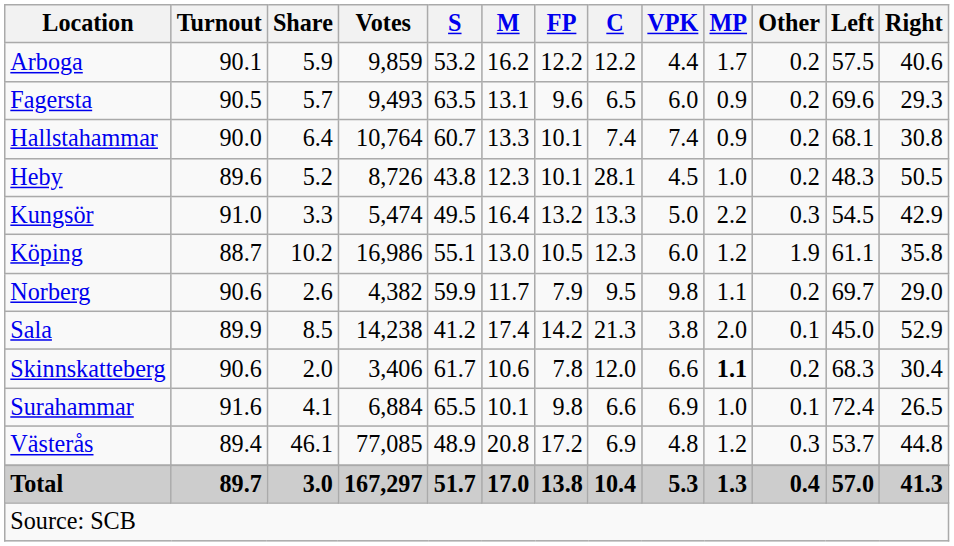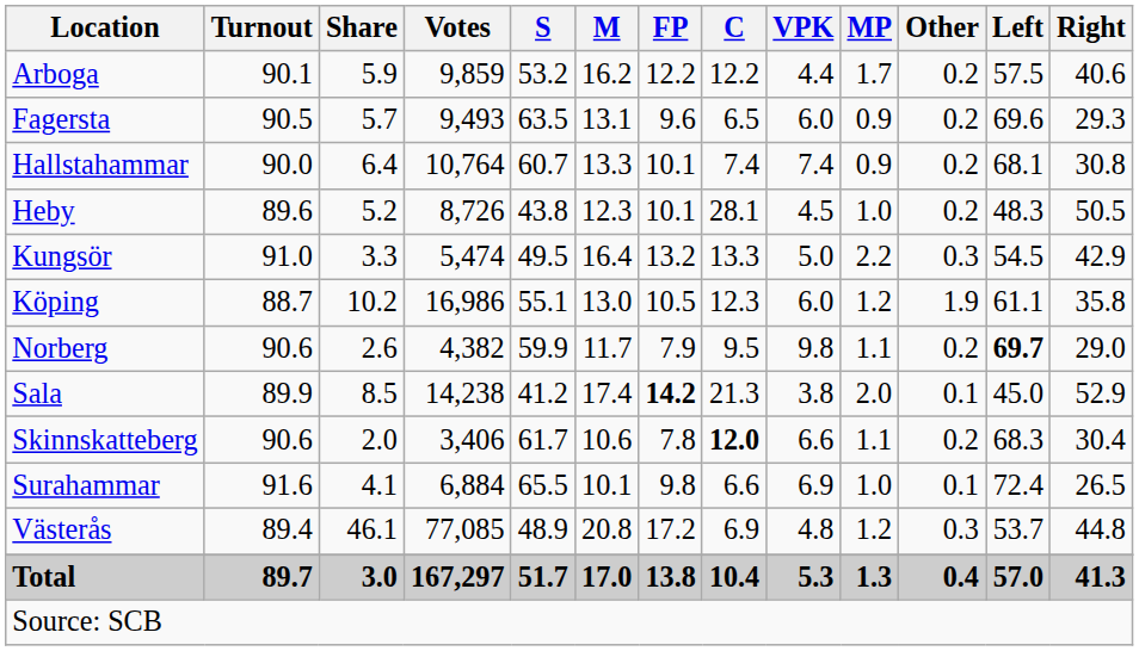 <table class="wikitable sortable" style=text-align:right>
 <tr>
 <th>Location</th>
 <th>Turnout</th>
 <th>Share</th>
 <th>Votes</th>
 <th><a href='#'>S</a></th>
 <th><a href='#'>M</a></th>
 <th><a href='#'>FP</a></th>
 <th><a href='#'>C</a></th>
 <th><a href='#'>VPK</a></th>
 <th><a href='#'>MP</a></th>
 <th>Other</th>
 <th>Left</th>
 <th>Right</th>
 </tr>
 <tr>
 <td align=left><a href='#'>Arboga</a></td>
 <td>90.1</td>
 <td>5.9</td>
 <td>9,859</td>
 <td>53.2</td>
 <td>16.2</td>
 <td>12.2</td>
 <td>12.2</td>
 <td>4.4</td>
 <td>1.7</td>
 <td>0.2</td>
 <td>57.5</td>
 <td>40.6</td>
 </tr>
 <tr>
 <td align=left><a href='#'>Fagersta</a></td>
 <td>90.5</td>
 <td>5.7</td>
 <td>9,493</td>
 <td>63.5</td>
 <td>13.1</td>
 <td>9.6</td>
 <td>6.5</td>
 <td>6.0</td>
 <td>0.9</td>
 <td>0.2</td>
 <td>69.6</td>
 <td>29.3</td>
 </tr>
 <tr>
 <td align=left><a href='#'>Hallstahammar</a></td>
 <td>90.0</td>
 <td>6.4</td>
 <td>10,764</td>
 <td>60.7</td>
 <td>13.3</td>
 <td>10.1</td>
 <td>7.4</td>
 <td>7.4</td>
 <td>0.9</td>
 <td>0.2</td>
 <td>68.1</td>
 <td>30.8</td>
 </tr>
 <tr>
 <td align=left><a href='#'>Heby</a></td>
 <td>89.6</td>
 <td>5.2</td>
 <td>8,726</td>
 <td>43.8</td>
 <td>12.3</td>
 <td>10.1</td>
 <td>28.1</td>
 <td>4.5</td>
 <td>1.0</td>
 <td>0.2</td>
 <td>48.3</td>
 <td>50.5</td>
 </tr>
 <tr>
 <td align=left><a href='#'>Kungsör</a></td>
 <td>91.0</td>
 <td>3.3</td>
 <td>5,474</td>
 <td>49.5</td>
 <td>16.4</td>
 <td>13.2</td>
 <td>13.3</td>
 <td>5.0</td>
 <td>2.2</td>
 <td>0.3</td>
 <td>54.5</td>
 <td>42.9</td>
 </tr>
 <tr>
 <td align=left><a href='#'>Köping</a></td>
 <td>88.7</td>
 <td>10.2</td>
 <td>16,986</td>
 <td>55.1</td>
 <td>13.0</td>
 <td>10.5</td>
 <td>12.3</td>
 <td>6.0</td>
 <td>1.2</td>
 <td>1.9</td>
 <td>61.1</td>
 <td>35.8</td>
 </tr>
 <tr>
 <td align=left><a href='#'>Norberg</a></td>
 <td>90.6</td>
 <td>2.6</td>
 <td>4,382</td>
 <td>59.9</td>
 <td>11.7</td>
 <td>7.9</td>
 <td>9.5</td>
 <td>9.8</td>
 <td>1.1</td>
 <td>0.2</td>
-<td>69.7</td>
+<td><strong>69.7</strong></td>
 <td>29.0</td>
 </tr>
 <tr>
 <td align=left><a href='#'>Sala</a></td>
 <td>89.9</td>
 <td>8.5</td>
 <td>14,238</td>
 <td>41.2</td>
 <td>17.4</td>
-<td>14.2</td>
+<td><strong>14.2</strong></td>
 <td>21.3</td>
 <td>3.8</td>
 <td>2.0</td>
 <td>0.1</td>
 <td>45.0</td>
 <td>52.9</td>
 </tr>
 <tr>
 <td align=left><a href='#'>Skinnskatteberg</a></td>
 <td>90.6</td>
 <td>2.0</td>
 <td>3,406</td>
 <td>61.7</td>
 <td>10.6</td>
 <td>7.8</td>
-<td>12.0</td>
+<td><strong>12.0</strong></td>
 <td>6.6</td>
-<td><strong>1.1</strong></td>
+<td>1.1</td>
 <td>0.2</td>
 <td>68.3</td>
 <td>30.4</td>
 </tr>
 <tr>
 <td align=left><a href='#'>Surahammar</a></td>
 <td>91.6</td>
 <td>4.1</td>
 <td>6,884</td>
 <td>65.5</td>
 <td>10.1</td>
 <td>9.8</td>
 <td>6.6</td>
 <td>6.9</td>
 <td>1.0</td>
 <td>0.1</td>
 <td>72.4</td>
 <td>26.5</td>
 </tr>
 <tr>
 <td align=left><a href='#'>Västerås</a></td>
 <td>89.4</td>
 <td>46.1</td>
 <td>77,085</td>
 <td>48.9</td>
 <td>20.8</td>
 <td>17.2</td>
 <td>6.9</td>
 <td>4.8</td>
 <td>1.2</td>
 <td>0.3</td>
 <td>53.7</td>
 <td>44.8</td>
 </tr>
 <tr>
 </tr>
 <tr style="background:#CDCDCD;">
 <td align=left><strong>Total</strong></td>
 <td><strong>89.7</strong></td>
 <td><strong>3.0</strong></td>
 <td><strong>167,297</strong></td>
 <td><strong>51.7</strong></td>
 <td><strong>17.0</strong></td>
 <td><strong>13.8</strong></td>
 <td><strong>10.4</strong></td>
 <td><strong>5.3</strong></td>
 <td><strong>1.3</strong></td>
 <td><strong>0.4</strong></td>
 <td><strong>57.0</strong></td>
 <td><strong>41.3</strong></td>
 </tr>
 <tr>
 <td align=left colspan=13>Source: SCB </td>
 </tr>
 </table>
